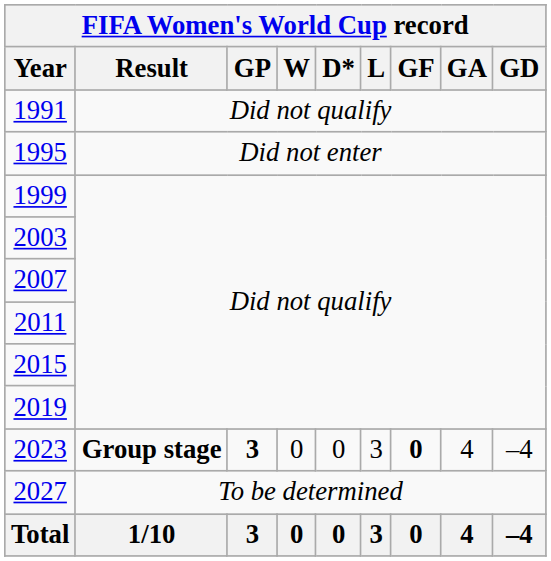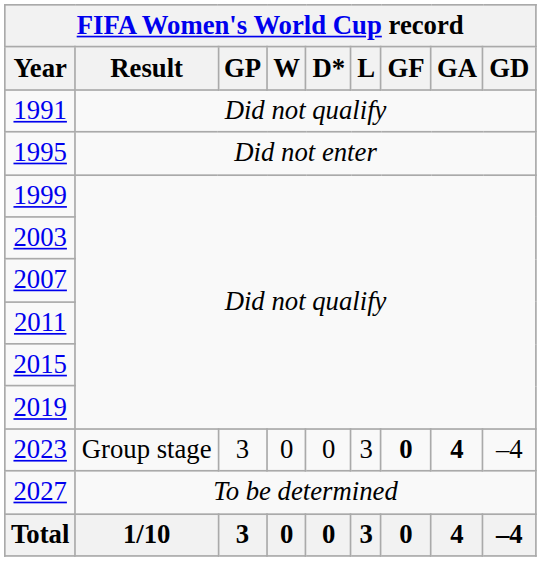 <table class="wikitable" style="text-align: center">
 <tr>
 <th colspan=10><a href='#'>FIFA Women's World Cup</a> record</th>
 </tr>
 <tr>
 <th>Year</th>
 <th>Result</th>
 <th>GP</th>
 <th>W</th>
 <th>D*</th>
 <th>L</th>
 <th>GF</th>
 <th>GA</th>
 <th>GD</th>
 </tr>
 <tr>
 <td> <a href='#'>1991</a></td>
 <td colspan=8><em>Did not qualify</em></td>
 </tr>
 <tr>
 <td> <a href='#'>1995</a></td>
 <td colspan=8><em>Did not enter</em></td>
 </tr>
 <tr>
 <td> <a href='#'>1999</a></td>
 <td colspan=8 rowspan=6><em>Did not qualify</em></td>
 </tr>
 <tr>
 <td> <a href='#'>2003</a></td>
 </tr>
 <tr>
 <td> <a href='#'>2007</a></td>
 </tr>
 <tr>
 <td> <a href='#'>2011</a></td>
 </tr>
 <tr>
 <td> <a href='#'>2015</a></td>
 </tr>
 <tr>
 <td> <a href='#'>2019</a></td>
 </tr>
 <tr>
 <td> <a href='#'>2023</a></td>
-<td><strong>Group stage</strong></td>
-<td><strong>3</strong></td>
+<td>Group stage</td>
+<td>3</td>
 <td>0</td>
 <td>0</td>
 <td>3</td>
 <td><strong>0</strong></td>
-<td>4</td>
+<td><strong>4</strong></td>
 <td>–4</td>
 </tr>
 <tr>
 <td> <a href='#'>2027</a></td>
 <td colspan=8><em>To be determined</em></td>
 </tr>
 <tr>
 <th>Total</th>
 <th>1/10</th>
 <th>3</th>
 <th>0</th>
 <th>0</th>
 <th>3</th>
 <th>0</th>
 <th>4</th>
 <th>–4</th>
 </tr>
 </table>
